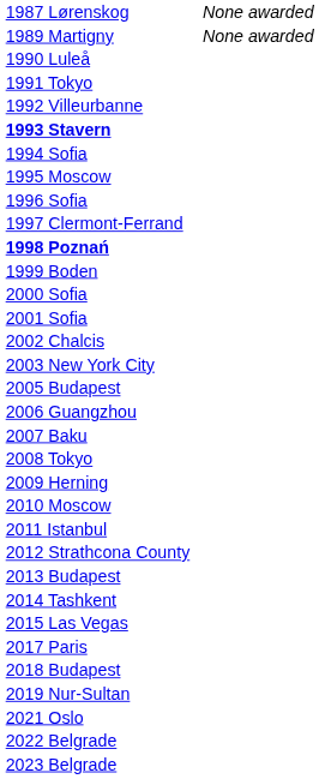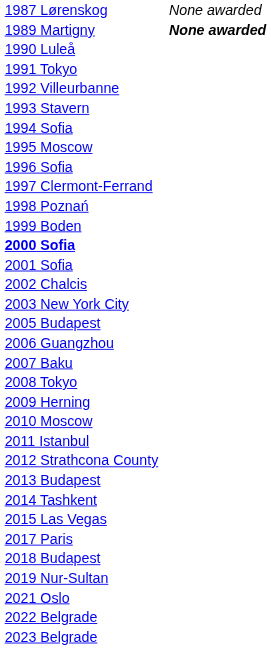 <table>
 <tr>
 <td><a href='#'>1987 Lørenskog</a></td>
 <td></td>
 <td></td>
 <td><em>None awarded</em></td>
 </tr>
 <tr>
 <td><a href='#'>1989 Martigny</a></td>
 <td></td>
 <td></td>
-<td><em>None awarded</em></td>
+<td><strong><em>None awarded</em></strong></td>
 </tr>
 <tr>
 <td><a href='#'>1990 Luleå</a></td>
 <td></td>
 <td></td>
 <td></td>
 </tr>
 <tr>
 <td><a href='#'>1991 Tokyo</a></td>
 <td></td>
 <td></td>
 <td></td>
 </tr>
 <tr>
 <td><a href='#'>1992 Villeurbanne</a></td>
 <td></td>
 <td></td>
 <td></td>
 </tr>
 <tr>
-<td><strong><a href='#'>1993 Stavern</a></strong></td>
+<td><a href='#'>1993 Stavern</a></td>
 <td></td>
 <td></td>
 <td></td>
 </tr>
 <tr>
 <td><a href='#'>1994 Sofia</a></td>
 <td></td>
 <td></td>
 <td></td>
 </tr>
 <tr>
 <td><a href='#'>1995 Moscow</a></td>
 <td></td>
 <td></td>
 <td></td>
 </tr>
 <tr>
 <td><a href='#'>1996 Sofia</a></td>
 <td></td>
 <td></td>
 <td></td>
 </tr>
 <tr>
 <td><a href='#'>1997 Clermont-Ferrand</a></td>
 <td></td>
 <td></td>
 <td></td>
 </tr>
 <tr>
-<td><strong><a href='#'>1998 Poznań</a></strong></td>
+<td><a href='#'>1998 Poznań</a></td>
 <td></td>
 <td></td>
 <td></td>
 </tr>
 <tr>
 <td><a href='#'>1999 Boden</a></td>
 <td></td>
 <td></td>
 <td></td>
 </tr>
 <tr>
-<td><a href='#'>2000 Sofia</a></td>
+<td><strong><a href='#'>2000 Sofia</a></strong></td>
 <td></td>
 <td></td>
 <td></td>
 </tr>
 <tr>
 <td><a href='#'>2001 Sofia</a></td>
 <td></td>
 <td></td>
 <td></td>
 </tr>
 <tr>
 <td><a href='#'>2002 Chalcis</a></td>
 <td></td>
 <td></td>
 <td></td>
 </tr>
 <tr>
 <td><a href='#'>2003 New York City</a></td>
 <td></td>
 <td></td>
 <td></td>
 </tr>
 <tr>
 <td rowspan=2><a href='#'>2005 Budapest</a></td>
 <td rowspan=2></td>
 <td rowspan=2></td>
 <td></td>
 </tr>
 <tr>
 <td></td>
 </tr>
 <tr>
 <td rowspan=2><a href='#'>2006 Guangzhou</a></td>
 <td rowspan=2></td>
 <td rowspan=2></td>
 <td></td>
 </tr>
 <tr>
 <td></td>
 </tr>
 <tr>
 <td rowspan=2><a href='#'>2007 Baku</a></td>
 <td rowspan=2></td>
 <td rowspan=2></td>
 <td></td>
 </tr>
 <tr>
 <td></td>
 </tr>
 <tr>
 <td rowspan=2><a href='#'>2008 Tokyo</a></td>
 <td rowspan=2></td>
 <td rowspan=2></td>
 <td></td>
 </tr>
 <tr>
 <td></td>
 </tr>
 <tr>
 <td rowspan=2><a href='#'>2009 Herning</a></td>
 <td rowspan=2></td>
 <td rowspan=2></td>
 <td></td>
 </tr>
 <tr>
 <td></td>
 </tr>
 <tr>
 <td rowspan=2><a href='#'>2010 Moscow</a></td>
 <td rowspan=2></td>
 <td rowspan=2></td>
 <td></td>
 </tr>
 <tr>
 <td></td>
 </tr>
 <tr>
 <td rowspan=2><a href='#'>2011 Istanbul</a></td>
 <td rowspan=2></td>
 <td rowspan=2></td>
 <td></td>
 </tr>
 <tr>
 <td></td>
 </tr>
 <tr>
 <td rowspan=2><a href='#'>2012 Strathcona County</a></td>
 <td rowspan=2></td>
 <td rowspan=2></td>
 <td></td>
 </tr>
 <tr>
 <td></td>
 </tr>
 <tr>
 <td rowspan=2><a href='#'>2013 Budapest</a></td>
 <td rowspan=2></td>
 <td rowspan=2></td>
 <td></td>
 </tr>
 <tr>
 <td></td>
 </tr>
 <tr>
 <td rowspan=2><a href='#'>2014 Tashkent</a></td>
 <td rowspan=2></td>
 <td rowspan=2></td>
 <td></td>
 </tr>
 <tr>
 <td></td>
 </tr>
 <tr>
 <td rowspan=2><a href='#'>2015 Las Vegas</a></td>
 <td rowspan=2></td>
 <td rowspan=2></td>
 <td></td>
 </tr>
 <tr>
 <td></td>
 </tr>
 <tr>
 <td rowspan=2><a href='#'>2017 Paris</a></td>
 <td rowspan=2></td>
 <td rowspan=2></td>
 <td></td>
 </tr>
 <tr>
 <td></td>
 </tr>
 <tr>
 <td rowspan=2><a href='#'>2018 Budapest</a></td>
 <td rowspan=2></td>
 <td rowspan=2></td>
 <td></td>
 </tr>
 <tr>
 <td></td>
 </tr>
 <tr>
 <td rowspan=2><a href='#'>2019 Nur-Sultan</a></td>
 <td rowspan=2></td>
 <td rowspan=2></td>
 <td></td>
 </tr>
 <tr>
 <td></td>
 </tr>
 <tr>
 <td rowspan=2><a href='#'>2021 Oslo</a></td>
 <td rowspan=2></td>
 <td rowspan=2></td>
 <td></td>
 </tr>
 <tr>
 <td></td>
 </tr>
 <tr>
 <td rowspan=2><a href='#'>2022 Belgrade</a></td>
 <td rowspan=2></td>
 <td rowspan=2></td>
 <td></td>
 </tr>
 <tr>
 <td></td>
 </tr>
 <tr>
 <td rowspan=2><a href='#'>2023 Belgrade</a></td>
 <td rowspan=2></td>
 <td rowspan=2></td>
 <td></td>
 </tr>
 <tr>
 <td></td>
 </tr>
 </table>
